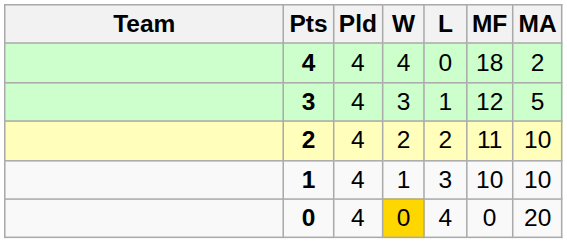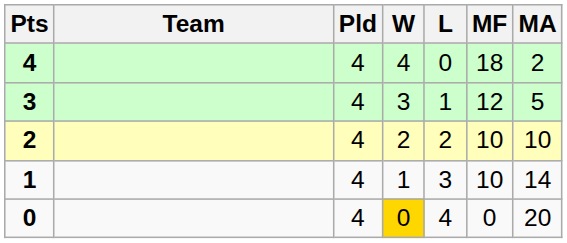 <table class=wikitable style="text-align:center">
 <tr>
+<th width=20>Pts</th>
 <th width=175>Team</th>
-<th width=20>Pts</th>
 <th width=20>Pld</th>
 <th width=20>W</th>
 <th width=20>L</th>
 <th width=20>MF</th>
 <th width=20>MA</th>
 </tr>
 <tr bgcolor=#ccffcc>
+<td><strong>4</strong></td>
 <td style="text-align:left"></td>
-<td><strong>4</strong></td>
 <td>4</td>
 <td>4</td>
 <td>0</td>
 <td>18</td>
 <td>2</td>
 </tr>
 <tr bgcolor=#ccffcc>
+<td><strong>3</strong></td>
 <td style="text-align:left"></td>
-<td><strong>3</strong></td>
 <td>4</td>
 <td>3</td>
 <td>1</td>
 <td>12</td>
 <td>5</td>
 </tr>
 <tr bgcolor=#ffffbb>
+<td><strong>2</strong></td>
 <td style="text-align:left"></td>
-<td><strong>2</strong></td>
 <td>4</td>
 <td>2</td>
 <td>2</td>
-<td>11</td>
+<td>10</td>
 <td>10</td>
 </tr>
 <tr>
+<td><strong>1</strong></td>
 <td style="text-align:left"></td>
-<td><strong>1</strong></td>
 <td>4</td>
 <td>1</td>
 <td>3</td>
 <td>10</td>
-<td>10</td>
+<td>14</td>
 </tr>
 <tr>
+<td><strong>0</strong></td>
 <td style="text-align:left"></td>
-<td><strong>0</strong></td>
 <td>4</td>
 <td style="background: gold;">0</td>
 <td>4</td>
 <td>0</td>
 <td>20</td>
 </tr>
 </table>
